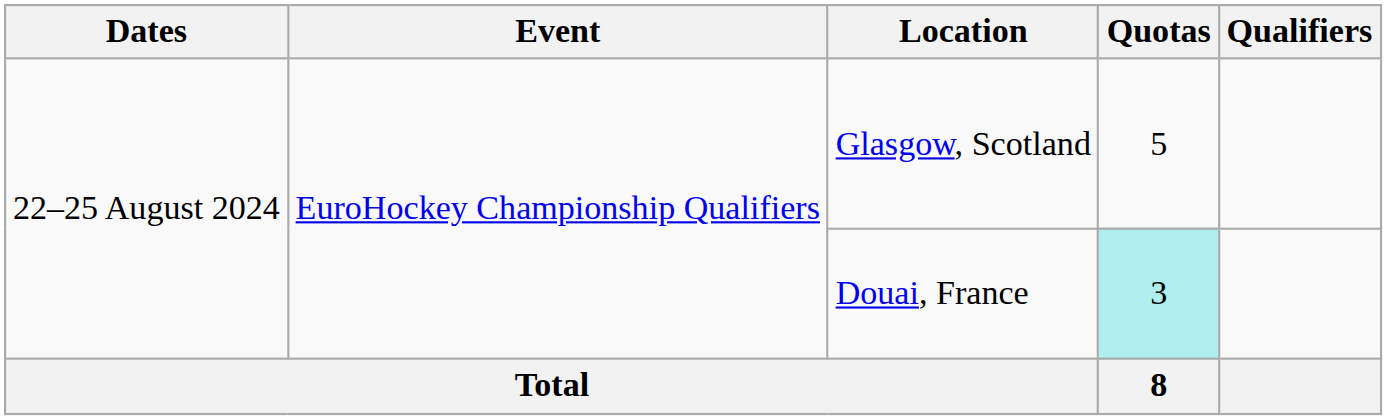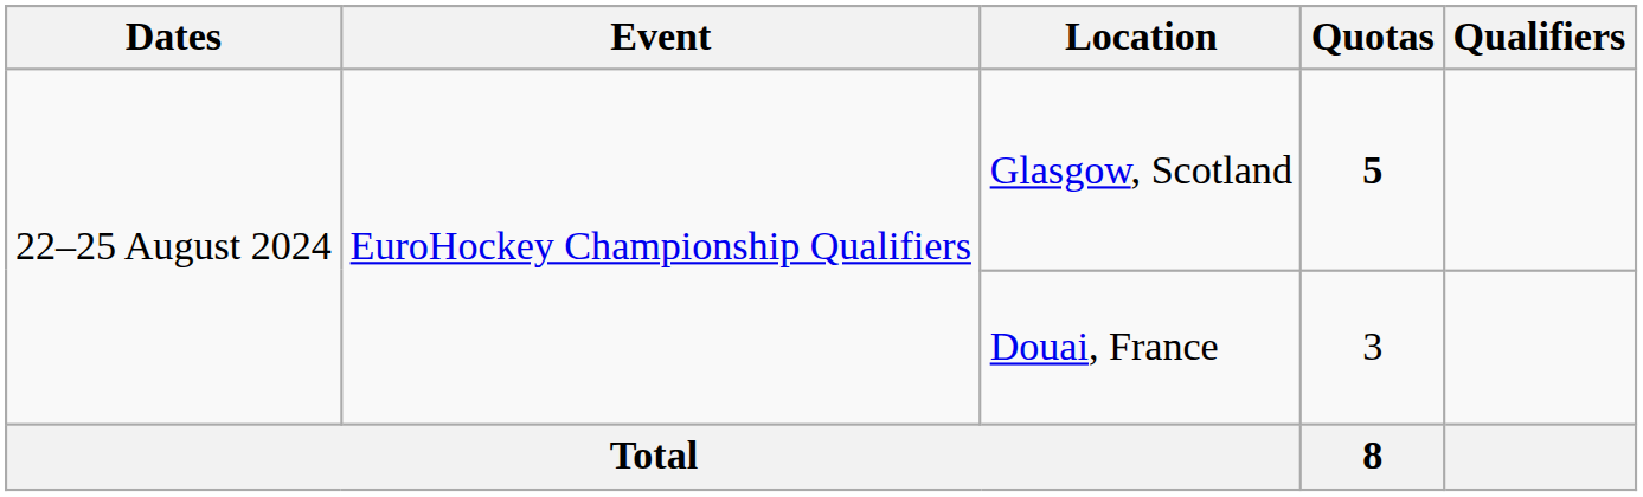 <table class=wikitable>
 <tr>
 <th>Dates</th>
 <th>Event</th>
 <th>Location</th>
 <th>Quotas</th>
 <th>Qualifiers</th>
 </tr>
 <tr>
 <td rowspan=2>22–25 August 2024</td>
 <td rowspan=2><a href='#'>EuroHockey Championship Qualifiers</a></td>
 <td><a href='#'>Glasgow</a>, Scotland</td>
-<td align=center>5</td>
+<td align=center><strong>5</strong></td>
 <td><br><br><br><br></td>
 </tr>
 <tr>
 <td><a href='#'>Douai</a>, France</td>
-<td align=center style="background: paleturquoise;">3</td>
+<td align=center>3</td>
 <td><br><br><s></s><br></td>
 </tr>
 <tr>
 <th colspan=3>Total</th>
 <th>8</th>
 <th></th>
 </tr>
 </table>
